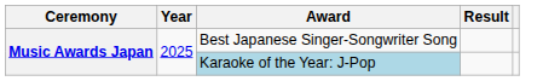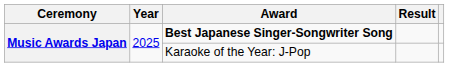 <table class="wikitable plainrowheaders">
 <tr>
 <th scope="col">Ceremony</th>
 <th scope="col">Year</th>
 <th scope="col">Award</th>
 <th scope="col">Result</th>
 <th scope="col" class="unsortable"></th>
 </tr>
 <tr>
 <th scope="row" rowspan="2"><a href='#'>Music Awards Japan</a></th>
 <td style="text-align:center" rowspan="2"><a href='#'>2025</a></td>
-<td>Best Japanese Singer-Songwriter Song</td>
+<td><strong>Best Japanese Singer-Songwriter Song</strong></td>
 <td></td>
 <td style="text-align:center"></td>
 </tr>
 <tr>
-<td style="background: lightblue;">Karaoke of the Year: J-Pop</td>
+<td>Karaoke of the Year: J-Pop</td>
 <td></td>
 <td style="text-align:center"></td>
 </tr>
 </table>
